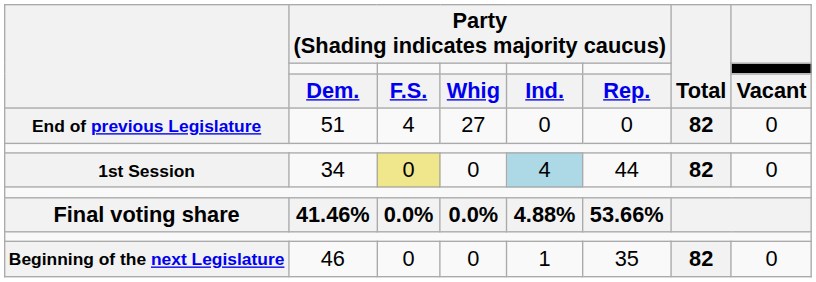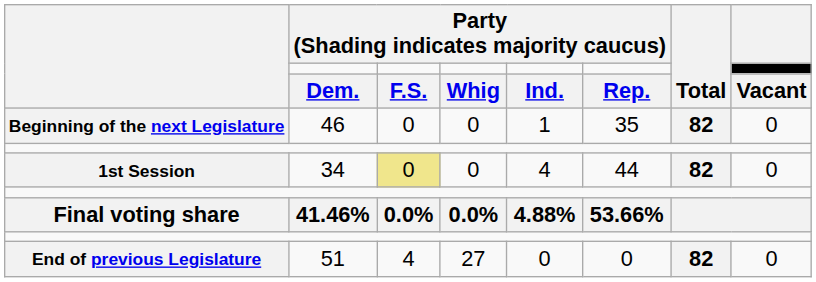 <table class=wikitable style="text-align:center">
 <tr style="vertical-align:bottom;">
 <th rowspan=3></th>
 <th colspan=5>Party <div>(Shading indicates majority caucus)</div></th>
 <th rowspan=3>Total</th>
 <th></th>
 </tr>
 <tr style="height:5px">
 <td style="background-color:"></td>
 <td style="background-color:"></td>
 <td style="background-color:"></td>
 <td style="background-color:"></td>
 <td style="background-color:"></td>
 <td style="background:black;"></td>
 </tr>
 <tr>
 <th><a href='#'>Dem.</a></th>
 <th><a href='#'>F.S.</a></th>
 <th><a href='#'>Whig</a></th>
 <th><a href='#'>Ind.</a></th>
 <th><a href='#'>Rep.</a></th>
 <th>Vacant</th>
 </tr>
 <tr>
-<th style="font-size:80%;">End of <a href='#'>previous Legislature</a></th>
-<td>51</td>
-<td>4</td>
-<td>27</td>
+<th style="font-size:80%;">Beginning of the <a href='#'>next Legislature</a></th>
+<td>46</td>
 <td>0</td>
 <td>0</td>
+<td>1</td>
+<td>35</td>
 <th>82</th>
 <td>0</td>
 </tr>
 <tr>
 <td colspan=8></td>
 </tr>
 <tr>
 <th style="font-size:80%;">1st Session</th>
 <td>34</td>
 <td style="background: khaki;">0</td>
 <td>0</td>
-<td style="background: lightblue;">4</td>
+<td>4</td>
 <td>44</td>
 <th>82</th>
 <td>0</td>
 </tr>
 <tr>
 <td colspan=8></td>
 </tr>
 <tr>
 <th>Final voting share</th>
 <th>41.46%</th>
 <th>0.0%</th>
 <th>0.0%</th>
 <th>4.88%</th>
 <th>53.66%</th>
 <th colspan=2></th>
 </tr>
 <tr>
 <td colspan=8></td>
 </tr>
 <tr>
-<th style="font-size:80%;">Beginning of the <a href='#'>next Legislature</a></th>
-<td>46</td>
+<th style="font-size:80%;">End of <a href='#'>previous Legislature</a></th>
+<td>51</td>
+<td>4</td>
+<td>27</td>
 <td>0</td>
 <td>0</td>
-<td>1</td>
-<td>35</td>
 <th>82</th>
 <td>0</td>
 </tr>
 </table>
